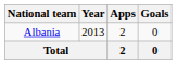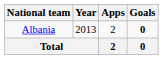 <table class="wikitable" style="text-align:center">
 <tr>
 <th>National team</th>
 <th>Year</th>
 <th>Apps</th>
 <th>Goals</th>
 </tr>
 <tr>
 <td rowspan="1"><a href='#'>Albania</a></td>
 <td>2013</td>
 <td>2</td>
-<td>0</td>
+<td><strong>0</strong></td>
 </tr>
 <tr>
 <th colspan="2">Total</th>
 <th>2</th>
 <th>0</th>
 </tr>
 </table>
